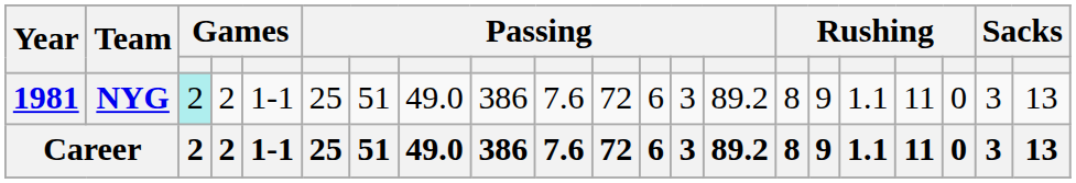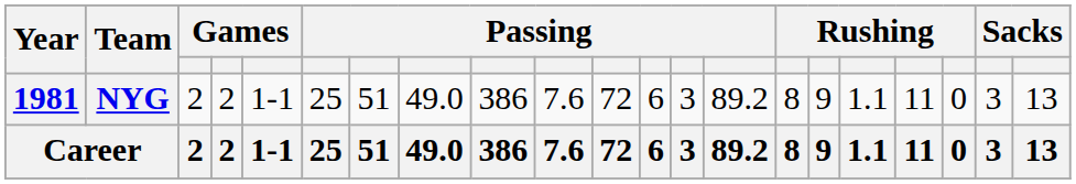 <table class="wikitable" style="text-align:center;">
 <tr>
 <th rowspan="2">Year</th>
 <th rowspan="2">Team</th>
 <th colspan="3">Games</th>
 <th colspan="9">Passing</th>
 <th colspan="5">Rushing</th>
 <th colspan="2">Sacks</th>
 </tr>
 <tr>
 <th></th>
 <th></th>
 <th></th>
 <th></th>
 <th></th>
 <th></th>
 <th></th>
 <th></th>
 <th></th>
 <th></th>
 <th></th>
 <th></th>
 <th></th>
 <th></th>
 <th></th>
 <th></th>
 <th></th>
 <th></th>
 <th></th>
 </tr>
 <tr>
 <th><a href='#'>1981</a></th>
 <th><a href='#'>NYG</a></th>
-<td style="background: paleturquoise;">2</td>
+<td>2</td>
 <td>2</td>
 <td>1-1</td>
 <td>25</td>
 <td>51</td>
 <td>49.0</td>
 <td>386</td>
 <td>7.6</td>
 <td>72</td>
 <td>6</td>
 <td>3</td>
 <td>89.2</td>
 <td>8</td>
 <td>9</td>
 <td>1.1</td>
 <td>11</td>
 <td>0</td>
 <td>3</td>
 <td>13</td>
 </tr>
 <tr>
 <th colspan="2">Career</th>
 <th>2</th>
 <th>2</th>
 <th>1-1</th>
 <th>25</th>
 <th>51</th>
 <th>49.0</th>
 <th>386</th>
 <th>7.6</th>
 <th>72</th>
 <th>6</th>
 <th>3</th>
 <th>89.2</th>
 <th>8</th>
 <th>9</th>
 <th>1.1</th>
 <th>11</th>
 <th>0</th>
 <th>3</th>
 <th>13</th>
 </tr>
 </table>
